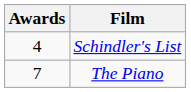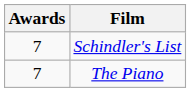 <table class="wikitable" style="text-align:center;">
 <tr>
 <th style="background:">Awards</th>
 <th style="background:">Film</th>
 </tr>
 <tr>
-<td>4</td>
+<td>7</td>
 <td><em><a href='#'>Schindler's List</a></em></td>
 </tr>
 <tr>
 <td>7</td>
 <td><em><a href='#'>The Piano</a></em></td>
 </tr>
 </table>
